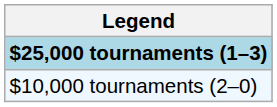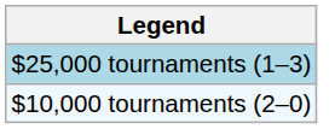 <table class=wikitable style=font-size:85%>
 <tr>
 <th>Legend</th>
 </tr>
 <tr bgcolor=lightblue>
-<td><strong>$25,000 tournaments (1–3)</strong></td>
+<td>$25,000 tournaments (1–3)</td>
 </tr>
 <tr bgcolor=f0f8ff>
 <td>$10,000 tournaments (2–0)</td>
 </tr>
 </table>
